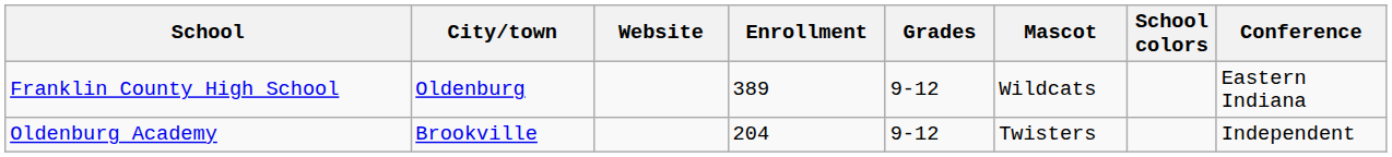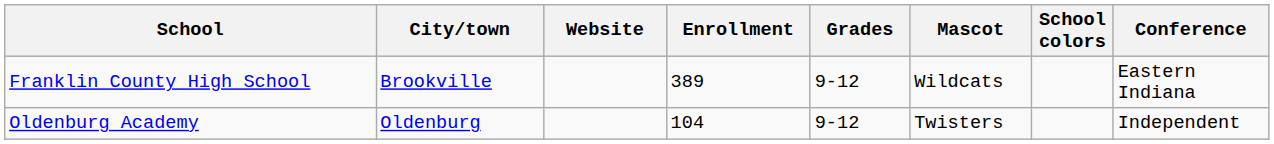 <table class="wikitable sortable" width="70%">
 <tr>
 <th width="20%">School</th>
 <th width="08%">City/town</th>
 <th width="06%">Website</th>
 <th width="04%">Enrollment</th>
 <th width="04%">Grades</th>
 <th width="04%">Mascot</th>
 <th width=01%>School colors</th>
 <th width="04%">Conference</th>
 </tr>
 <tr>
 <td><a href='#'>Franklin County High School</a></td>
-<td><a href='#'>Oldenburg</a></td>
+<td><a href='#'>Brookville</a></td>
 <td></td>
 <td>389</td>
 <td>9-12</td>
 <td>Wildcats</td>
 <td>  </td>
 <td>Eastern Indiana</td>
 </tr>
 <tr>
 <td><a href='#'>Oldenburg Academy</a></td>
-<td><a href='#'>Brookville</a></td>
+<td><a href='#'>Oldenburg</a></td>
 <td></td>
-<td>204</td>
+<td>104</td>
 <td>9-12</td>
 <td>Twisters</td>
 <td> </td>
 <td>Independent</td>
 </tr>
 </table>
